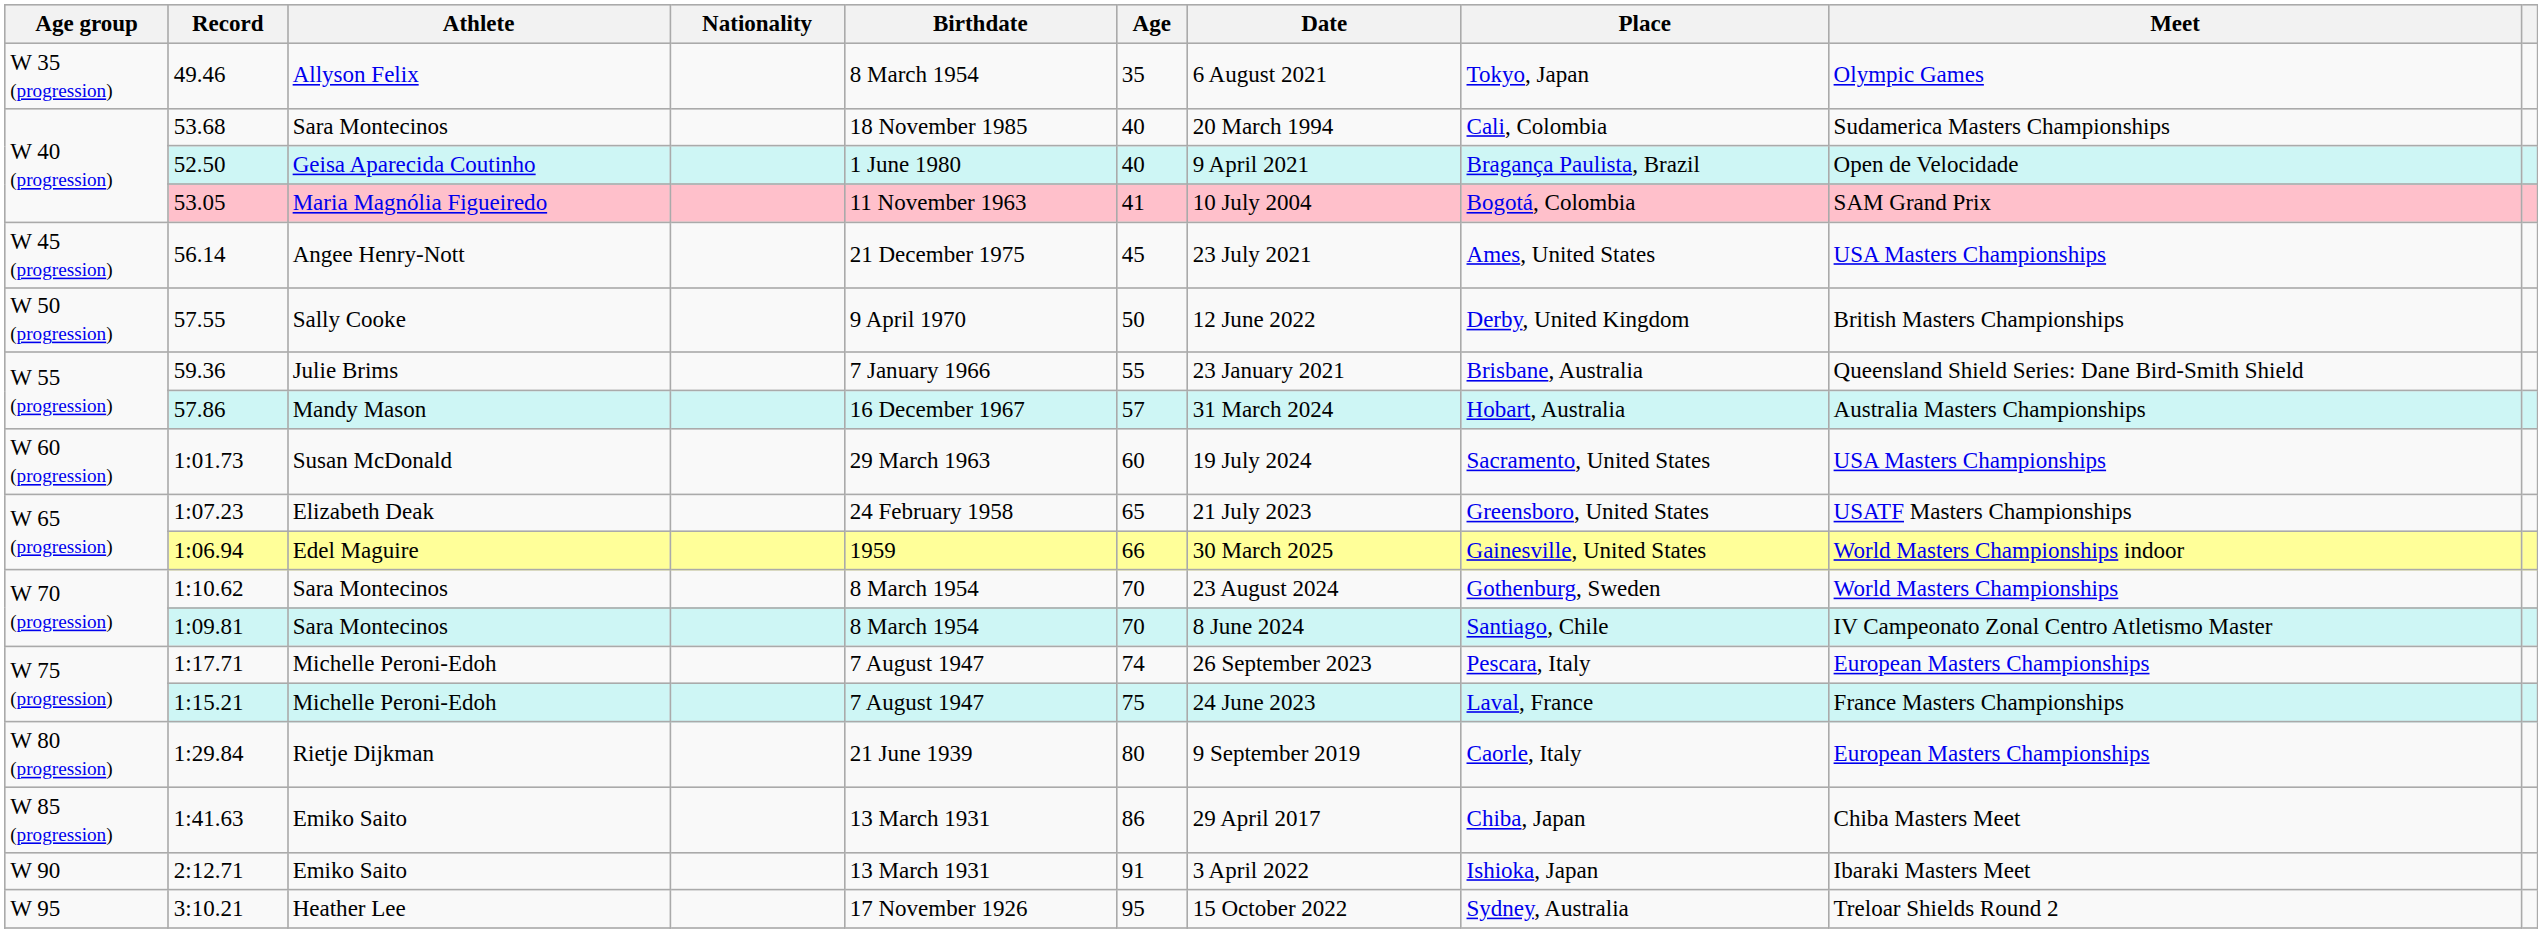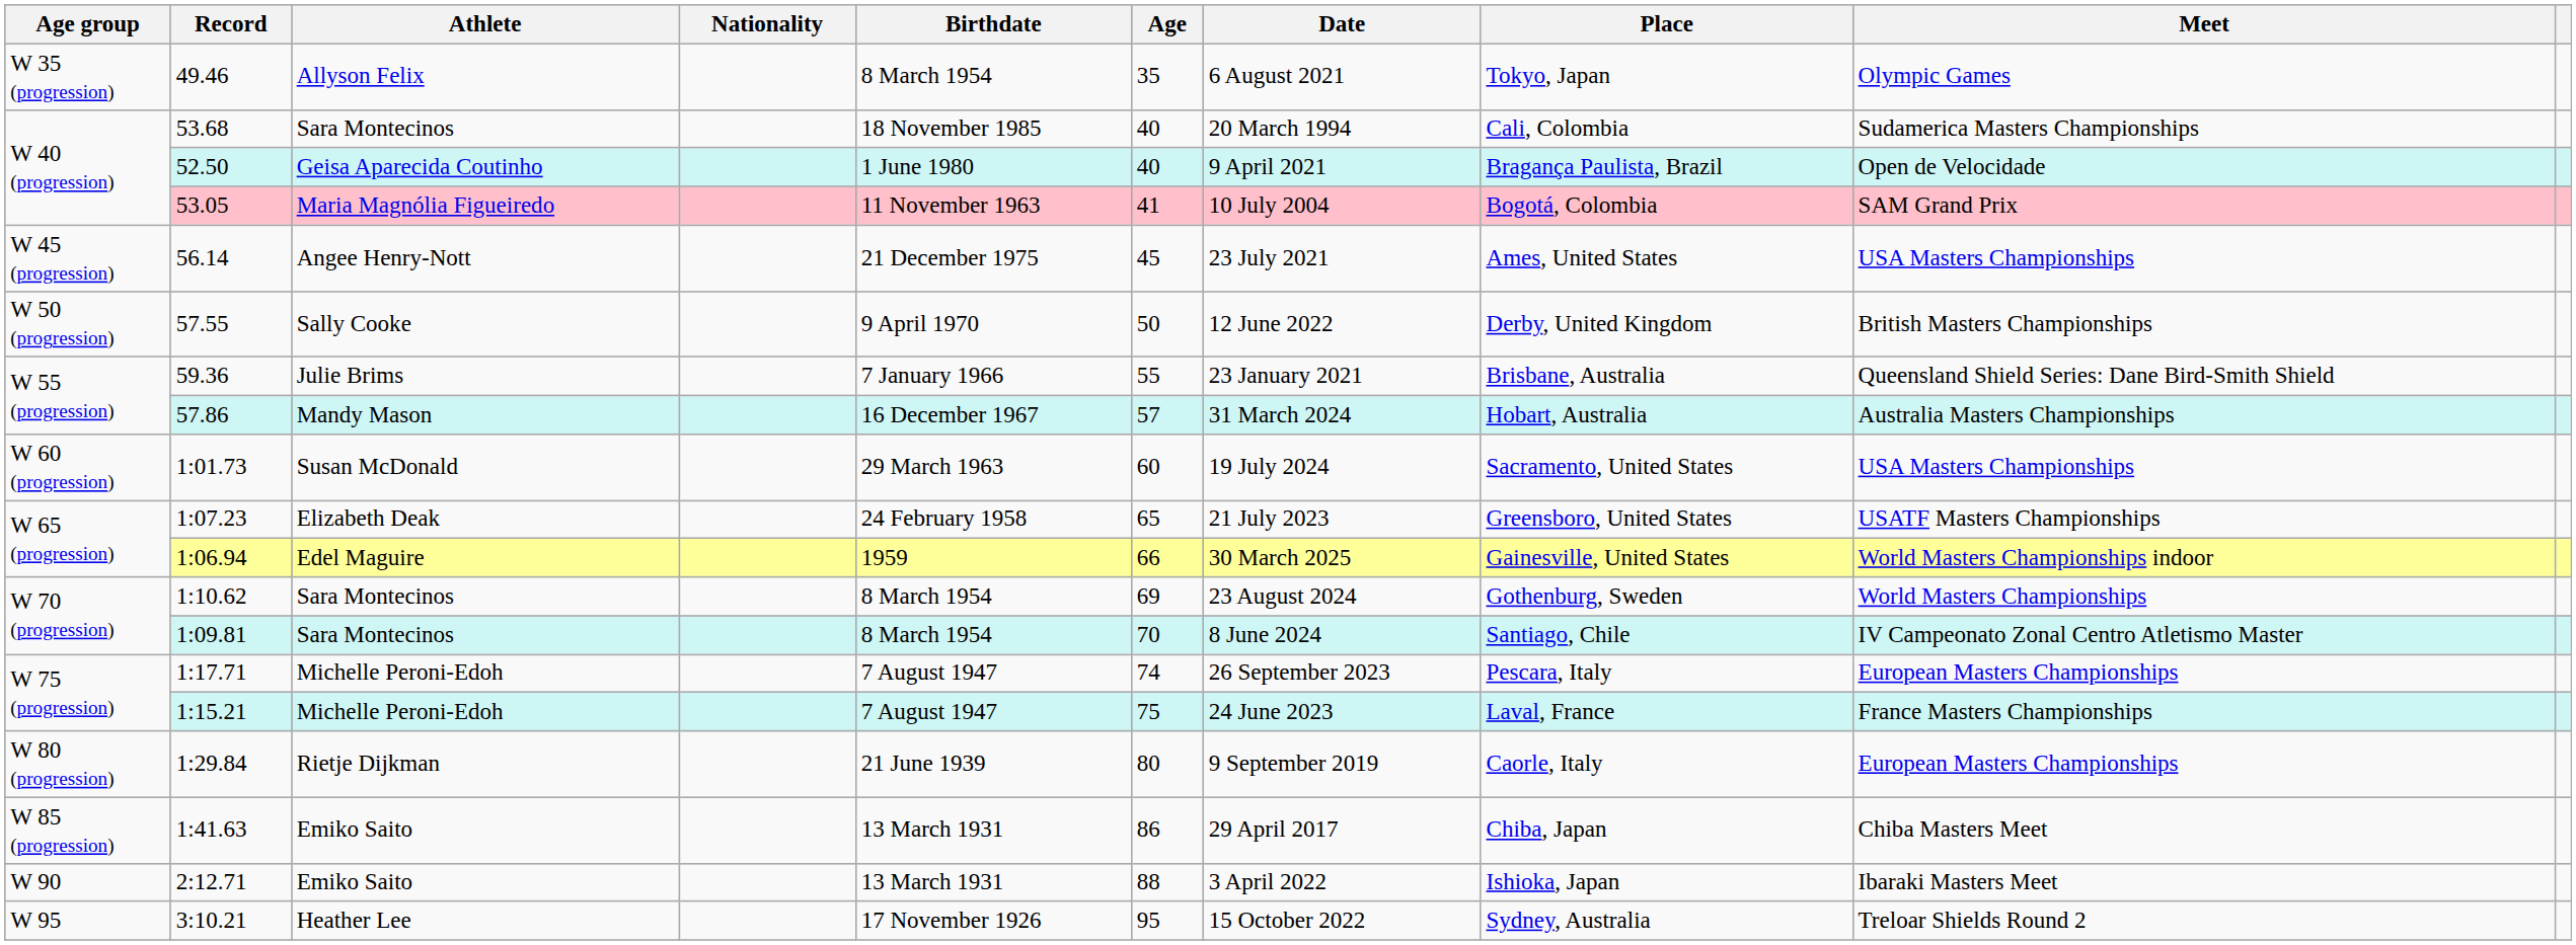 <table class="wikitable" style="font-size:90%; width: 100%;">
 <tr>
 <th>Age group</th>
 <th>Record</th>
 <th>Athlete</th>
 <th>Nationality</th>
 <th>Birthdate</th>
 <th>Age</th>
 <th>Date</th>
 <th>Place</th>
 <th>Meet</th>
 <th></th>
 </tr>
 <tr>
 <td>W 35 <br><small>(<a href='#'>progression</a>)</small></td>
 <td>49.46</td>
 <td><a href='#'>Allyson Felix</a></td>
 <td></td>
 <td>8 March 1954</td>
 <td>35</td>
 <td>6 August 2021</td>
 <td><a href='#'>Tokyo</a>, Japan</td>
 <td><a href='#'>Olympic Games</a></td>
 <td></td>
 </tr>
 <tr>
 <td rowspan=3>W 40  <br><small>(<a href='#'>progression</a>)</small></td>
 <td>53.68 </td>
 <td>Sara Montecinos</td>
 <td></td>
 <td>18 November 1985</td>
 <td>40</td>
 <td>20 March 1994</td>
 <td><a href='#'>Cali</a>, Colombia</td>
 <td>Sudamerica Masters Championships</td>
 <td></td>
 </tr>
 <tr style="background:#cef6f5;">
 <td>52.50</td>
 <td><a href='#'>Geisa Aparecida Coutinho</a></td>
 <td></td>
 <td>1 June 1980</td>
 <td>40</td>
 <td>9 April 2021</td>
 <td><a href='#'>Bragança Paulista</a>, Brazil</td>
 <td>Open de Velocidade</td>
 <td></td>
 </tr>
 <tr style="background:pink">
 <td>53.05 </td>
 <td><a href='#'>Maria Magnólia Figueiredo</a></td>
 <td></td>
 <td>11 November 1963</td>
 <td>41</td>
 <td>10 July 2004</td>
 <td><a href='#'>Bogotá</a>, Colombia</td>
 <td>SAM Grand Prix</td>
 <td></td>
 </tr>
 <tr>
 <td>W 45 <br><small>(<a href='#'>progression</a>)</small></td>
 <td>56.14</td>
 <td>Angee Henry-Nott</td>
 <td></td>
 <td>21 December 1975</td>
 <td>45</td>
 <td>23 July 2021</td>
 <td><a href='#'>Ames</a>, United States</td>
 <td><a href='#'>USA Masters Championships</a></td>
 <td></td>
 </tr>
 <tr>
 <td>W 50 <br><small>(<a href='#'>progression</a>)</small></td>
 <td>57.55</td>
 <td>Sally Cooke</td>
 <td></td>
 <td>9 April 1970</td>
 <td>50</td>
 <td>12 June 2022</td>
 <td><a href='#'>Derby</a>, United Kingdom</td>
 <td>British Masters Championships</td>
 <td></td>
 </tr>
 <tr>
 <td rowspan=2>W 55 <br><small>(<a href='#'>progression</a>)</small></td>
 <td>59.36</td>
 <td>Julie Brims</td>
 <td></td>
 <td>7 January 1966</td>
 <td>55</td>
 <td>23 January 2021</td>
 <td><a href='#'>Brisbane</a>, Australia</td>
 <td>Queensland Shield Series: Dane Bird-Smith Shield</td>
 <td></td>
 </tr>
 <tr style="background:#cef6f5;">
 <td>57.86</td>
 <td>Mandy Mason</td>
 <td></td>
 <td>16 December 1967</td>
 <td>57</td>
 <td>31 March 2024</td>
 <td><a href='#'>Hobart</a>, Australia</td>
 <td>Australia Masters Championships</td>
 <td></td>
 </tr>
 <tr>
 <td>W 60 <br><small>(<a href='#'>progression</a>)</small></td>
 <td>1:01.73</td>
 <td>Susan McDonald</td>
 <td></td>
 <td>29 March 1963</td>
 <td>60</td>
 <td>19 July 2024</td>
 <td><a href='#'>Sacramento</a>, United States</td>
 <td><a href='#'>USA Masters Championships</a></td>
 <td></td>
 </tr>
 <tr>
 <td rowspan=2>W 65  <br><small>(<a href='#'>progression</a>)</small></td>
 <td>1:07.23</td>
 <td>Elizabeth Deak</td>
 <td></td>
 <td>24 February 1958</td>
 <td>65</td>
 <td>21 July 2023</td>
 <td><a href='#'>Greensboro</a>, United States</td>
 <td><a href='#'>USATF</a> Masters Championships</td>
 <td></td>
 </tr>
 <tr bgcolor=#FFFF99>
 <td>1:06.94 </td>
 <td>Edel Maguire</td>
 <td></td>
 <td>1959</td>
 <td>66</td>
 <td>30 March 2025</td>
 <td><a href='#'>Gainesville</a>, United States</td>
 <td><a href='#'>World Masters Championships</a> indoor</td>
 <td></td>
 </tr>
 <tr>
 <td rowspan=2>W 70<br><small>(<a href='#'>progression</a>)</small></td>
 <td>1:10.62</td>
 <td>Sara Montecinos</td>
 <td></td>
 <td>8 March 1954</td>
-<td>70</td>
+<td>69</td>
 <td>23 August 2024</td>
 <td><a href='#'>Gothenburg</a>, Sweden</td>
 <td><a href='#'>World Masters Championships</a></td>
 <td></td>
 </tr>
 <tr style="background:#cef6f5;">
 <td>1:09.81</td>
 <td>Sara Montecinos</td>
 <td></td>
 <td>8 March 1954</td>
 <td>70</td>
 <td>8 June 2024</td>
 <td><a href='#'>Santiago</a>, Chile</td>
 <td>IV Campeonato Zonal Centro Atletismo Master</td>
 <td></td>
 </tr>
 <tr>
 <td rowspan=2>W 75  <br><small>(<a href='#'>progression</a>)</small></td>
 <td>1:17.71</td>
 <td>Michelle Peroni-Edoh</td>
 <td></td>
 <td>7 August 1947</td>
 <td>74</td>
 <td>26 September 2023</td>
 <td><a href='#'>Pescara</a>, Italy</td>
 <td><a href='#'>European Masters Championships</a></td>
 <td></td>
 </tr>
 <tr style="background:#cef6f5;">
 <td>1:15.21</td>
 <td>Michelle Peroni-Edoh</td>
 <td></td>
 <td>7 August 1947</td>
 <td>75</td>
 <td>24 June 2023</td>
 <td><a href='#'>Laval</a>, France</td>
 <td>France Masters Championships</td>
 <td></td>
 </tr>
 <tr>
 <td>W 80 <br><small>(<a href='#'>progression</a>)</small></td>
 <td>1:29.84</td>
 <td>Rietje Dijkman</td>
 <td></td>
 <td>21 June 1939</td>
 <td>80</td>
 <td>9 September 2019</td>
 <td><a href='#'>Caorle</a>, Italy</td>
 <td><a href='#'>European Masters Championships</a></td>
 <td></td>
 </tr>
 <tr>
 <td>W 85 <br><small>(<a href='#'>progression</a>)</small></td>
 <td>1:41.63</td>
 <td>Emiko Saito</td>
 <td></td>
 <td>13 March 1931</td>
 <td>86</td>
 <td>29 April 2017</td>
 <td><a href='#'>Chiba</a>, Japan</td>
 <td>Chiba Masters Meet</td>
 <td></td>
 </tr>
 <tr>
 <td>W 90</td>
 <td>2:12.71</td>
 <td>Emiko Saito</td>
 <td></td>
 <td>13 March 1931</td>
-<td>91</td>
+<td>88</td>
 <td>3 April 2022</td>
 <td><a href='#'>Ishioka</a>, Japan</td>
 <td>Ibaraki Masters Meet</td>
 <td></td>
 </tr>
 <tr>
 <td>W 95</td>
 <td>3:10.21</td>
 <td>Heather Lee</td>
 <td></td>
 <td>17 November 1926</td>
 <td>95</td>
 <td>15 October 2022</td>
 <td><a href='#'>Sydney</a>, Australia</td>
 <td>Treloar Shields Round 2</td>
 <td></td>
 </tr>
 </table>
